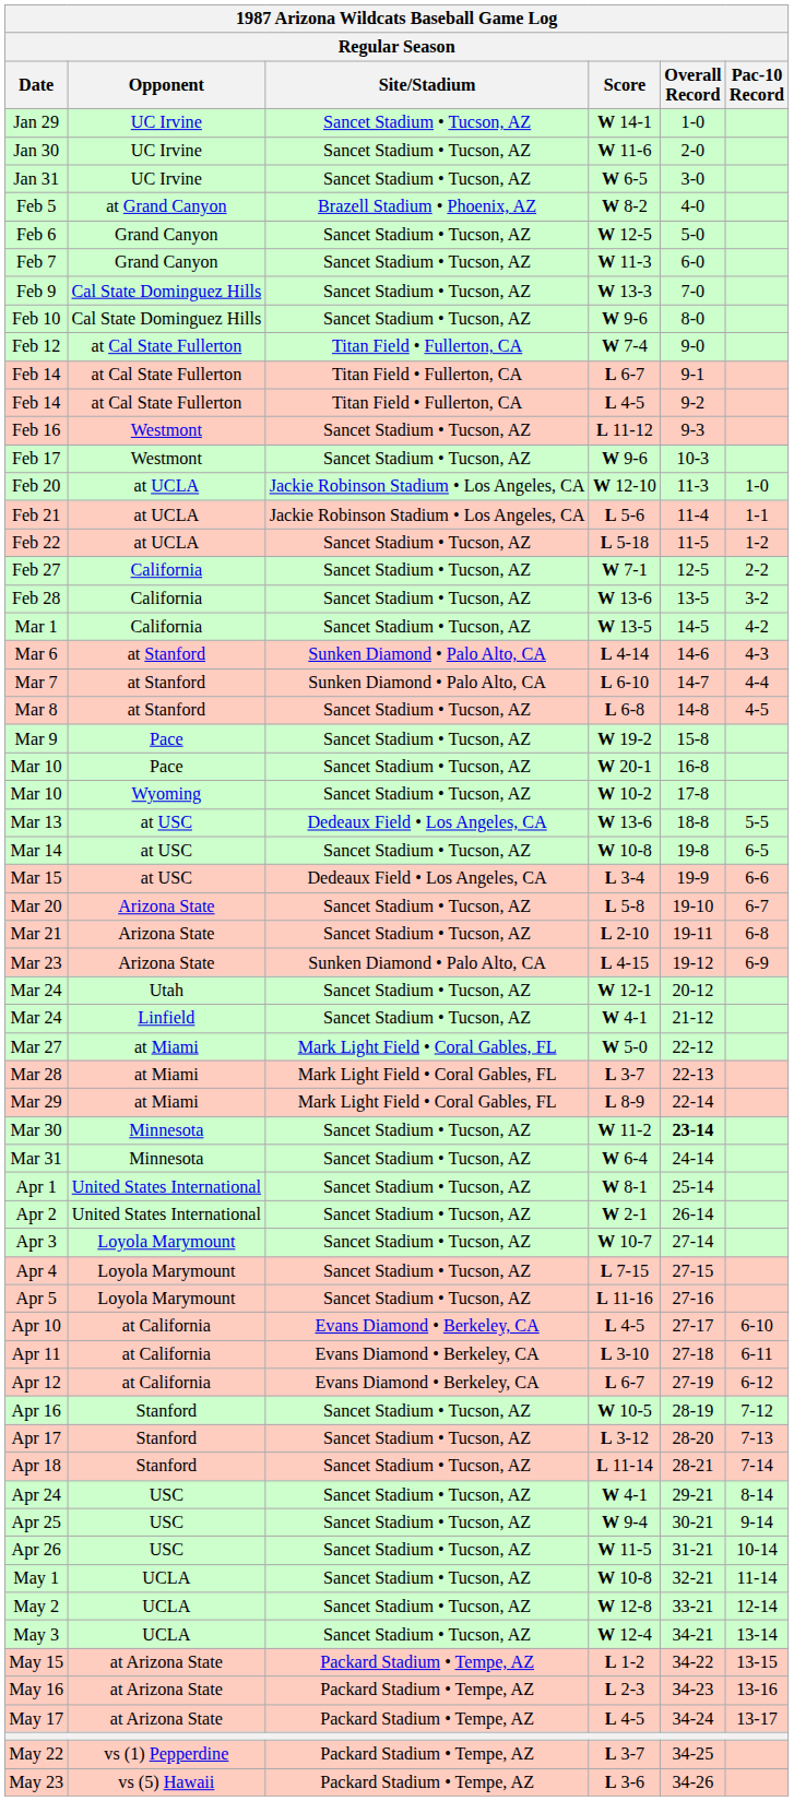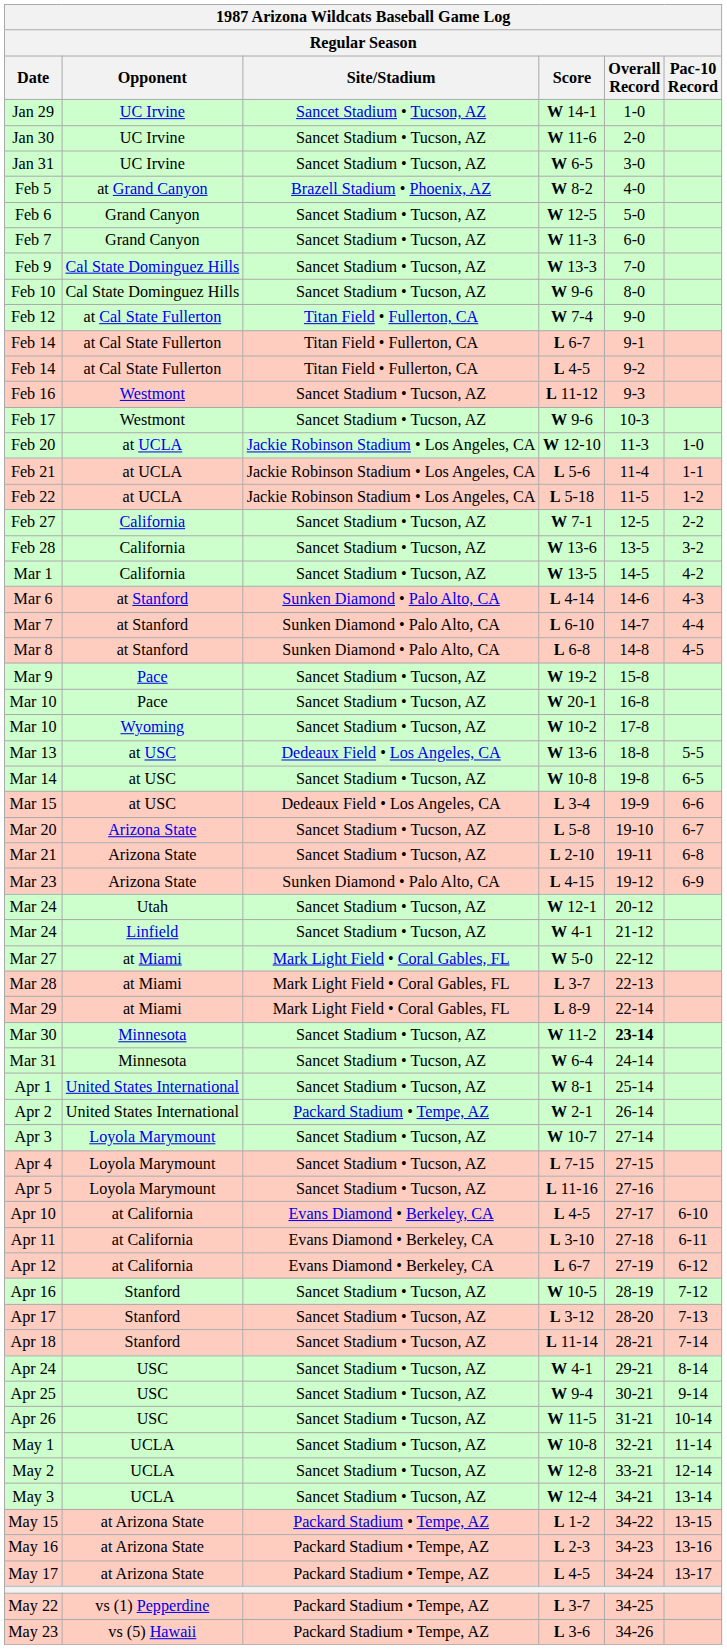 <table class="wikitable">
 <tr>
 <th colspan="6">1987 Arizona Wildcats Baseball Game Log</th>
 </tr>
 <tr>
 <th colspan="6">Regular Season</th>
 </tr>
 <tr>
 <th>Date</th>
 <th>Opponent</th>
 <th>Site/Stadium</th>
 <th>Score</th>
 <th>Overall<br>Record</th>
 <th>Pac-10<br>Record</th>
 </tr>
 <tr bgcolor="ccffcc" align="center">
 <td>Jan 29</td>
 <td><a href='#'>UC Irvine</a></td>
 <td><a href='#'>Sancet Stadium</a> • <a href='#'>Tucson, AZ</a></td>
 <td><strong>W</strong> 14-1</td>
 <td>1-0</td>
 <td></td>
 </tr>
 <tr bgcolor="ccffcc" align="center">
 <td>Jan 30</td>
 <td>UC Irvine</td>
 <td>Sancet Stadium • Tucson, AZ</td>
 <td><strong>W</strong> 11-6</td>
 <td>2-0</td>
 <td></td>
 </tr>
 <tr bgcolor="ccffcc" align="center">
 <td>Jan 31</td>
 <td>UC Irvine</td>
 <td>Sancet Stadium • Tucson, AZ</td>
 <td><strong>W</strong> 6-5</td>
 <td>3-0</td>
 <td></td>
 </tr>
 <tr bgcolor="ccffcc" align="center">
 <td>Feb 5</td>
 <td>at <a href='#'>Grand Canyon</a></td>
 <td><a href='#'>Brazell Stadium</a> • <a href='#'>Phoenix, AZ</a></td>
 <td><strong>W</strong> 8-2</td>
 <td>4-0</td>
 <td></td>
 </tr>
 <tr bgcolor="ccffcc" align="center">
 <td>Feb 6</td>
 <td>Grand Canyon</td>
 <td>Sancet Stadium • Tucson, AZ</td>
 <td><strong>W</strong> 12-5</td>
 <td>5-0</td>
 <td></td>
 </tr>
 <tr bgcolor="ccffcc" align="center">
 <td>Feb 7</td>
 <td>Grand Canyon</td>
 <td>Sancet Stadium • Tucson, AZ</td>
 <td><strong>W</strong> 11-3</td>
 <td>6-0</td>
 <td></td>
 </tr>
 <tr bgcolor="ccffcc" align="center">
 <td>Feb 9</td>
 <td><a href='#'>Cal State Dominguez Hills</a></td>
 <td>Sancet Stadium • Tucson, AZ</td>
 <td><strong>W</strong> 13-3</td>
 <td>7-0</td>
 <td></td>
 </tr>
 <tr bgcolor="ccffcc" align="center">
 <td>Feb 10</td>
 <td>Cal State Dominguez Hills</td>
 <td>Sancet Stadium • Tucson, AZ</td>
 <td><strong>W</strong> 9-6</td>
 <td>8-0</td>
 <td></td>
 </tr>
 <tr bgcolor="ccffcc" align="center">
 <td>Feb 12</td>
 <td>at <a href='#'>Cal State Fullerton</a></td>
 <td><a href='#'>Titan Field</a> • <a href='#'>Fullerton, CA</a></td>
 <td><strong>W</strong> 7-4</td>
 <td>9-0</td>
 <td></td>
 </tr>
 <tr bgcolor="ffccc" align="center">
 <td>Feb 14</td>
 <td>at Cal State Fullerton</td>
 <td>Titan Field • Fullerton, CA</td>
 <td><strong>L</strong> 6-7</td>
 <td>9-1</td>
 <td></td>
 </tr>
 <tr bgcolor="ffccc" align="center">
 <td>Feb 14</td>
 <td>at Cal State Fullerton</td>
 <td>Titan Field • Fullerton, CA</td>
 <td><strong>L</strong> 4-5</td>
 <td>9-2</td>
 <td></td>
 </tr>
 <tr bgcolor="ffccc" align="center">
 <td>Feb 16</td>
 <td><a href='#'>Westmont</a></td>
 <td>Sancet Stadium • Tucson, AZ</td>
 <td><strong>L</strong> 11-12</td>
 <td>9-3</td>
 <td></td>
 </tr>
 <tr bgcolor="ccffcc" align="center">
 <td>Feb 17</td>
 <td>Westmont</td>
 <td>Sancet Stadium • Tucson, AZ</td>
 <td><strong>W</strong> 9-6</td>
 <td>10-3</td>
 <td></td>
 </tr>
 <tr bgcolor="ccffcc" align="center">
 <td>Feb 20</td>
 <td>at <a href='#'>UCLA</a></td>
 <td><a href='#'>Jackie Robinson Stadium</a> • Los Angeles, CA</td>
 <td><strong>W</strong> 12-10</td>
 <td>11-3</td>
 <td>1-0</td>
 </tr>
 <tr bgcolor="ffccc" align="center">
 <td>Feb 21</td>
 <td>at UCLA</td>
 <td>Jackie Robinson Stadium • Los Angeles, CA</td>
 <td><strong>L</strong> 5-6</td>
 <td>11-4</td>
 <td>1-1</td>
 </tr>
 <tr bgcolor="ffccc" align="center">
 <td>Feb 22</td>
 <td>at UCLA</td>
-<td>Sancet Stadium • Tucson, AZ</td>
+<td>Jackie Robinson Stadium • Los Angeles, CA</td>
 <td><strong>L</strong> 5-18</td>
 <td>11-5</td>
 <td>1-2</td>
 </tr>
 <tr bgcolor="ccffcc" align="center">
 <td>Feb 27</td>
 <td><a href='#'>California</a></td>
 <td>Sancet Stadium • Tucson, AZ</td>
 <td><strong>W</strong> 7-1</td>
 <td>12-5</td>
 <td>2-2</td>
 </tr>
 <tr bgcolor="ccffcc" align="center">
 <td>Feb 28</td>
 <td>California</td>
 <td>Sancet Stadium • Tucson, AZ</td>
 <td><strong>W</strong> 13-6</td>
 <td>13-5</td>
 <td>3-2</td>
 </tr>
 <tr bgcolor="ccffcc" align="center">
 <td>Mar 1</td>
 <td>California</td>
 <td>Sancet Stadium • Tucson, AZ</td>
 <td><strong>W</strong> 13-5</td>
 <td>14-5</td>
 <td>4-2</td>
 </tr>
 <tr bgcolor="ffccc" align="center">
 <td>Mar 6</td>
 <td>at <a href='#'>Stanford</a></td>
 <td><a href='#'>Sunken Diamond</a> • <a href='#'>Palo Alto, CA</a></td>
 <td><strong>L</strong> 4-14</td>
 <td>14-6</td>
 <td>4-3</td>
 </tr>
 <tr bgcolor="ffccc" align="center">
 <td>Mar 7</td>
 <td>at Stanford</td>
 <td>Sunken Diamond • Palo Alto, CA</td>
 <td><strong>L</strong> 6-10</td>
 <td>14-7</td>
 <td>4-4</td>
 </tr>
 <tr bgcolor="ffccc" align="center">
 <td>Mar 8</td>
 <td>at Stanford</td>
-<td>Sancet Stadium • Tucson, AZ</td>
+<td>Sunken Diamond • Palo Alto, CA</td>
 <td><strong>L</strong> 6-8</td>
 <td>14-8</td>
 <td>4-5</td>
 </tr>
 <tr bgcolor="ccffcc" align="center">
 <td>Mar 9</td>
 <td><a href='#'>Pace</a></td>
 <td>Sancet Stadium • Tucson, AZ</td>
 <td><strong>W</strong> 19-2</td>
 <td>15-8</td>
 <td></td>
 </tr>
 <tr bgcolor="ccffcc" align="center">
 <td>Mar 10</td>
 <td>Pace</td>
 <td>Sancet Stadium • Tucson, AZ</td>
 <td><strong>W</strong> 20-1</td>
 <td>16-8</td>
 <td></td>
 </tr>
 <tr bgcolor="ccffcc" align="center">
 <td>Mar 10</td>
 <td><a href='#'>Wyoming</a></td>
 <td>Sancet Stadium • Tucson, AZ</td>
 <td><strong>W</strong> 10-2</td>
 <td>17-8</td>
 <td></td>
 </tr>
 <tr bgcolor="ccffcc" align="center">
 <td>Mar 13</td>
 <td>at <a href='#'>USC</a></td>
 <td><a href='#'>Dedeaux Field</a> • <a href='#'>Los Angeles, CA</a></td>
 <td><strong>W</strong> 13-6</td>
 <td>18-8</td>
 <td>5-5</td>
 </tr>
 <tr bgcolor="ccffcc" align="center">
 <td>Mar 14</td>
 <td>at USC</td>
 <td>Sancet Stadium • Tucson, AZ</td>
 <td><strong>W</strong> 10-8</td>
 <td>19-8</td>
 <td>6-5</td>
 </tr>
 <tr bgcolor="ffccc" align="center">
 <td>Mar 15</td>
 <td>at USC</td>
 <td>Dedeaux Field • Los Angeles, CA</td>
 <td><strong>L</strong> 3-4</td>
 <td>19-9</td>
 <td>6-6</td>
 </tr>
 <tr bgcolor="ffccc" align="center">
 <td>Mar 20</td>
 <td><a href='#'>Arizona State</a></td>
 <td>Sancet Stadium • Tucson, AZ</td>
 <td><strong>L</strong> 5-8</td>
 <td>19-10</td>
 <td>6-7</td>
 </tr>
 <tr bgcolor="ffccc" align="center">
 <td>Mar 21</td>
 <td>Arizona State</td>
 <td>Sancet Stadium • Tucson, AZ</td>
 <td><strong>L</strong> 2-10</td>
 <td>19-11</td>
 <td>6-8</td>
 </tr>
 <tr bgcolor="ffccc" align="center">
 <td>Mar 23</td>
 <td>Arizona State</td>
 <td>Sunken Diamond • Palo Alto, CA</td>
 <td><strong>L</strong> 4-15</td>
 <td>19-12</td>
 <td>6-9</td>
 </tr>
 <tr bgcolor="ccffcc" align="center">
 <td>Mar 24</td>
 <td>Utah</td>
 <td>Sancet Stadium • Tucson, AZ</td>
 <td><strong>W</strong> 12-1</td>
 <td>20-12</td>
 <td></td>
 </tr>
 <tr bgcolor="ccffcc" align="center">
 <td>Mar 24</td>
 <td><a href='#'>Linfield</a></td>
 <td>Sancet Stadium • Tucson, AZ</td>
 <td><strong>W</strong> 4-1</td>
 <td>21-12</td>
 <td></td>
 </tr>
 <tr bgcolor="ccffcc" align="center">
 <td>Mar 27</td>
 <td>at <a href='#'>Miami</a></td>
 <td><a href='#'>Mark Light Field</a> • <a href='#'>Coral Gables, FL</a></td>
 <td><strong>W</strong> 5-0</td>
 <td>22-12</td>
 <td></td>
 </tr>
 <tr bgcolor="ffccc" align="center">
 <td>Mar 28</td>
 <td>at Miami</td>
 <td>Mark Light Field • Coral Gables, FL</td>
 <td><strong>L</strong> 3-7</td>
 <td>22-13</td>
 <td></td>
 </tr>
 <tr bgcolor="ffccc" align="center">
 <td>Mar 29</td>
 <td>at Miami</td>
 <td>Mark Light Field • Coral Gables, FL</td>
 <td><strong>L</strong> 8-9</td>
 <td>22-14</td>
 <td></td>
 </tr>
 <tr bgcolor="ccffcc" align="center">
 <td>Mar 30</td>
 <td><a href='#'>Minnesota</a></td>
 <td>Sancet Stadium • Tucson, AZ</td>
 <td><strong>W</strong> 11-2</td>
 <td><strong>23-14</strong></td>
 <td></td>
 </tr>
 <tr bgcolor="ccffcc" align="center">
 <td>Mar 31</td>
 <td>Minnesota</td>
 <td>Sancet Stadium • Tucson, AZ</td>
 <td><strong>W</strong> 6-4</td>
 <td>24-14</td>
 <td></td>
 </tr>
 <tr bgcolor="ccffcc" align="center">
 <td>Apr 1</td>
 <td><a href='#'>United States International</a></td>
 <td>Sancet Stadium • Tucson, AZ</td>
 <td><strong>W</strong> 8-1</td>
 <td>25-14</td>
 <td></td>
 </tr>
 <tr bgcolor="ccffcc" align="center">
 <td>Apr 2</td>
 <td>United States International</td>
-<td>Sancet Stadium • Tucson, AZ</td>
+<td><a href='#'>Packard Stadium</a> • <a href='#'>Tempe, AZ</a></td>
 <td><strong>W</strong> 2-1</td>
 <td>26-14</td>
 <td></td>
 </tr>
 <tr bgcolor="ccffcc" align="center">
 <td>Apr 3</td>
 <td><a href='#'>Loyola Marymount</a></td>
 <td>Sancet Stadium • Tucson, AZ</td>
 <td><strong>W</strong> 10-7</td>
 <td>27-14</td>
 <td></td>
 </tr>
 <tr bgcolor="ffccc" align="center">
 <td>Apr 4</td>
 <td>Loyola Marymount</td>
 <td>Sancet Stadium • Tucson, AZ</td>
 <td><strong>L</strong> 7-15</td>
 <td>27-15</td>
 <td></td>
 </tr>
 <tr bgcolor="ffccc" align="center">
 <td>Apr 5</td>
 <td>Loyola Marymount</td>
 <td>Sancet Stadium • Tucson, AZ</td>
 <td><strong>L</strong> 11-16</td>
 <td>27-16</td>
 <td></td>
 </tr>
 <tr bgcolor="ffccc" align="center">
 <td>Apr 10</td>
 <td>at California</td>
 <td><a href='#'>Evans Diamond</a> • <a href='#'>Berkeley, CA</a></td>
 <td><strong>L</strong> 4-5</td>
 <td>27-17</td>
 <td>6-10</td>
 </tr>
 <tr bgcolor="ffccc" align="center">
 <td>Apr 11</td>
 <td>at California</td>
 <td>Evans Diamond • Berkeley, CA</td>
 <td><strong>L</strong> 3-10</td>
 <td>27-18</td>
 <td>6-11</td>
 </tr>
 <tr bgcolor="ffccc" align="center">
 <td>Apr 12</td>
 <td>at California</td>
 <td>Evans Diamond • Berkeley, CA</td>
 <td><strong>L</strong> 6-7</td>
 <td>27-19</td>
 <td>6-12</td>
 </tr>
 <tr bgcolor="ccffcc" align="center">
 <td>Apr 16</td>
 <td>Stanford</td>
 <td>Sancet Stadium • Tucson, AZ</td>
 <td><strong>W</strong> 10-5</td>
 <td>28-19</td>
 <td>7-12</td>
 </tr>
 <tr bgcolor="ffccc" align="center">
 <td>Apr 17</td>
 <td>Stanford</td>
 <td>Sancet Stadium • Tucson, AZ</td>
 <td><strong>L</strong> 3-12</td>
 <td>28-20</td>
 <td>7-13</td>
 </tr>
 <tr bgcolor="ffccc" align="center">
 <td>Apr 18</td>
 <td>Stanford</td>
 <td>Sancet Stadium • Tucson, AZ</td>
 <td><strong>L</strong> 11-14</td>
 <td>28-21</td>
 <td>7-14</td>
 </tr>
 <tr bgcolor="ccffcc" align="center">
 <td>Apr 24</td>
 <td>USC</td>
 <td>Sancet Stadium • Tucson, AZ</td>
 <td><strong>W</strong> 4-1</td>
 <td>29-21</td>
 <td>8-14</td>
 </tr>
 <tr bgcolor="ccffcc" align="center">
 <td>Apr 25</td>
 <td>USC</td>
 <td>Sancet Stadium • Tucson, AZ</td>
 <td><strong>W</strong> 9-4</td>
 <td>30-21</td>
 <td>9-14</td>
 </tr>
 <tr bgcolor="ccffcc" align="center">
 <td>Apr 26</td>
 <td>USC</td>
 <td>Sancet Stadium • Tucson, AZ</td>
 <td><strong>W</strong> 11-5</td>
 <td>31-21</td>
 <td>10-14</td>
 </tr>
 <tr bgcolor="ccffcc" align="center">
 <td>May 1</td>
 <td>UCLA</td>
 <td>Sancet Stadium • Tucson, AZ</td>
 <td><strong>W</strong> 10-8</td>
 <td>32-21</td>
 <td>11-14</td>
 </tr>
 <tr bgcolor="ccffcc" align="center">
 <td>May 2</td>
 <td>UCLA</td>
 <td>Sancet Stadium • Tucson, AZ</td>
 <td><strong>W</strong> 12-8</td>
 <td>33-21</td>
 <td>12-14</td>
 </tr>
 <tr bgcolor="ccffcc" align="center">
 <td>May 3</td>
 <td>UCLA</td>
 <td>Sancet Stadium • Tucson, AZ</td>
 <td><strong>W</strong> 12-4</td>
 <td>34-21</td>
 <td>13-14</td>
 </tr>
 <tr bgcolor="ffccc" align="center">
 <td>May 15</td>
 <td>at Arizona State</td>
 <td><a href='#'>Packard Stadium</a> • <a href='#'>Tempe, AZ</a></td>
 <td><strong>L</strong> 1-2</td>
 <td>34-22</td>
 <td>13-15</td>
 </tr>
 <tr bgcolor="ffccc" align="center">
 <td>May 16</td>
 <td>at Arizona State</td>
 <td>Packard Stadium • Tempe, AZ</td>
 <td><strong>L</strong> 2-3</td>
 <td>34-23</td>
 <td>13-16</td>
 </tr>
 <tr bgcolor="ffccc" align="center">
 <td>May 17</td>
 <td>at Arizona State</td>
 <td>Packard Stadium • Tempe, AZ</td>
 <td><strong>L</strong> 4-5</td>
 <td>34-24</td>
 <td>13-17</td>
 </tr>
 <tr>
 <th colspan="8"><a href='#'></a></th>
 </tr>
 <tr bgcolor="ffccc" align="center">
 <td>May 22</td>
 <td>vs (1) <a href='#'>Pepperdine</a></td>
 <td>Packard Stadium • Tempe, AZ</td>
 <td><strong>L</strong> 3-7</td>
 <td>34-25</td>
 <td></td>
 </tr>
 <tr bgcolor="ffccc" align="center">
 <td>May 23</td>
 <td>vs (5) <a href='#'>Hawaii</a></td>
 <td>Packard Stadium • Tempe, AZ</td>
 <td><strong>L</strong> 3-6</td>
 <td>34-26</td>
 <td></td>
 </tr>
 </table>
